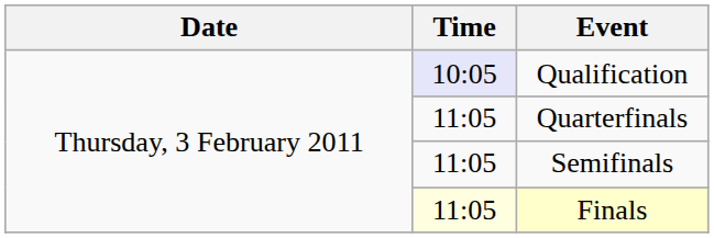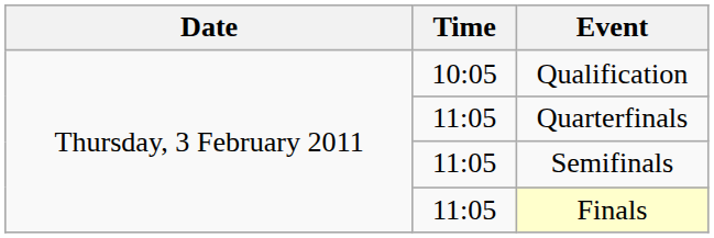 <table class = "wikitable" style="text-align:center;">
 <tr>
 <th width=220>Date</th>
 <th width=50>Time</th>
 <th width=100>Event</th>
 </tr>
 <tr>
 <td rowspan=4>Thursday, 3 February 2011</td>
-<td style="background: lavender;">10:05</td>
+<td>10:05</td>
 <td>Qualification</td>
 </tr>
 <tr>
 <td>11:05</td>
 <td>Quarterfinals</td>
 </tr>
 <tr>
 <td>11:05</td>
 <td>Semifinals</td>
 </tr>
 <tr>
-<td style="background: lightyellow;">11:05</td>
+<td>11:05</td>
 <td bgcolor=ffffcc>Finals</td>
 </tr>
 </table>
